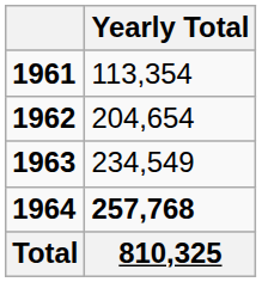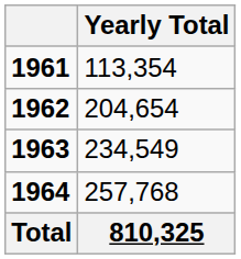 <table class="wikitable">
 <tr>
 <th></th>
 <th>Yearly Total</th>
 </tr>
 <tr>
 <td><strong>1961</strong></td>
 <td>113,354</td>
 </tr>
 <tr>
 <td><strong>1962</strong></td>
 <td>204,654</td>
 </tr>
 <tr>
 <td><strong>1963</strong></td>
 <td>234,549</td>
 </tr>
 <tr>
 <td><strong>1964</strong></td>
-<td><strong>257,768</strong></td>
+<td>257,768</td>
 </tr>
 <tr>
 <th><strong>Total</strong></th>
 <th><strong><u>810,325</u></strong></th>
 </tr>
 </table>
